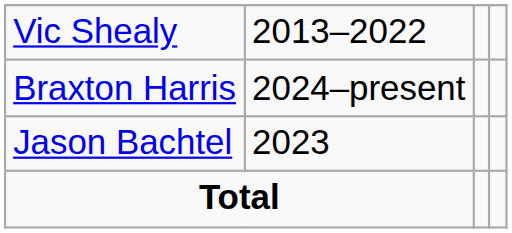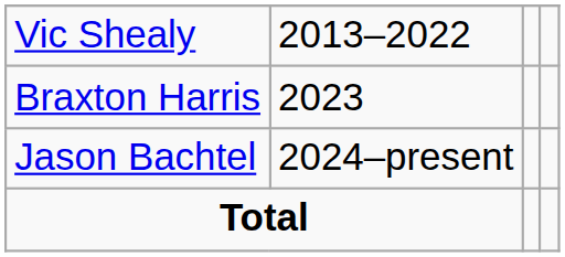 <table class="wikitable">
 <tr>
 </tr>
 <tr>
 <td><a href='#'>Vic Shealy</a></td>
 <td>2013–2022</td>
 <td></td>
 <td></td>
 </tr>
 <tr>
 <td><a href='#'>Braxton Harris</a></td>
-<td>2024–present</td>
+<td>2023</td>
 <td></td>
 <td></td>
 </tr>
 <tr>
 <td><a href='#'>Jason Bachtel</a></td>
-<td>2023</td>
+<td>2024–present</td>
 <td></td>
 <td></td>
 </tr>
 <tr style="text-align:center; ">
 <td colspan="2"><strong>Total</strong></td>
 <td><strong></strong></td>
 <td></td>
 </tr>
 </table>
